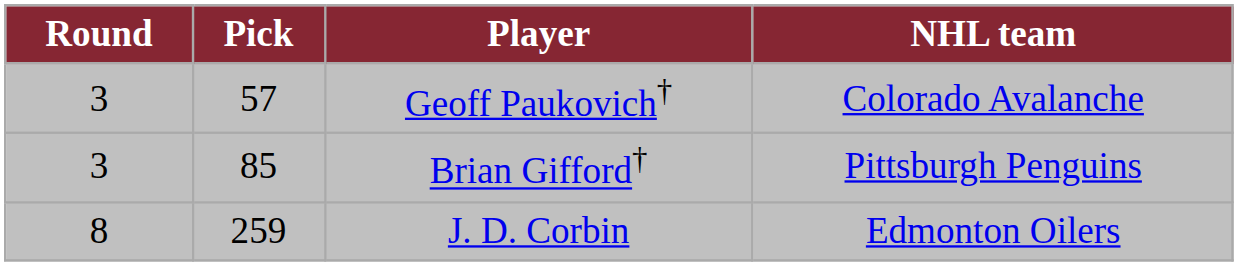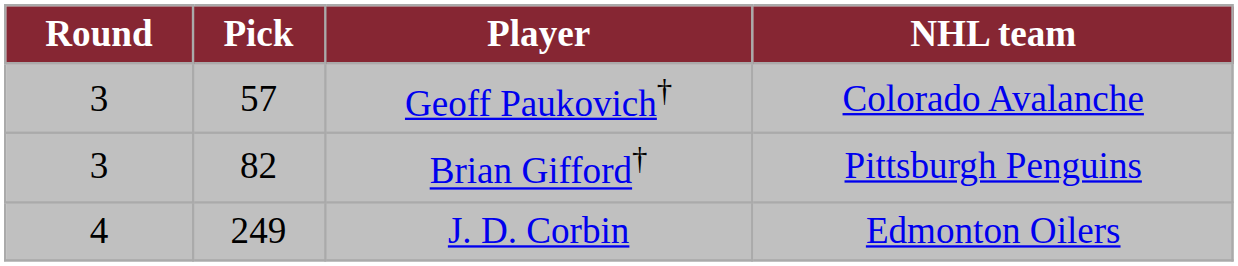 <table class="wikitable" width="60%">
 <tr>
 <th style="color:white; background:#862633; ">Round</th>
 <th style="color:white; background:#862633; ">Pick</th>
 <th style="color:white; background:#862633; ">Player</th>
 <th style="color:white; background:#862633; ">NHL team</th>
 </tr>
 <tr align="center" bgcolor="C0C0C0">
 <td>3</td>
 <td>57</td>
 <td><a href='#'>Geoff Paukovich</a><sup>†</sup></td>
 <td><a href='#'>Colorado Avalanche</a></td>
 </tr>
 <tr align="center" bgcolor="C0C0C0">
 <td>3</td>
-<td>85</td>
+<td>82</td>
 <td><a href='#'>Brian Gifford</a><sup>†</sup></td>
 <td><a href='#'>Pittsburgh Penguins</a></td>
 </tr>
 <tr align="center" bgcolor="C0C0C0">
-<td>8</td>
-<td>259</td>
+<td>4</td>
+<td>249</td>
 <td><a href='#'>J. D. Corbin</a></td>
 <td><a href='#'>Edmonton Oilers</a></td>
 </tr>
 </table>
